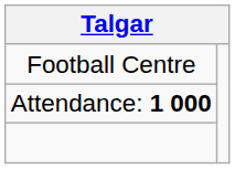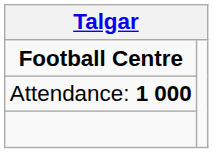 <table class="wikitable" style="text-align:center;">
 <tr>
 <th colspan=2 align="center"><a href='#'>Talgar</a></th>
 </tr>
 <tr>
-<td>Football Centre</td>
+<td><strong>Football Centre</strong></td>
 <td rowspan=3 align="center"></td>
 </tr>
 <tr>
 <td>Attendance: <strong>1 000</strong></td>
 </tr>
 <tr>
 <td> </td>
 </tr>
 </table>
